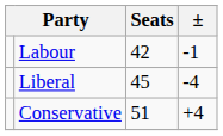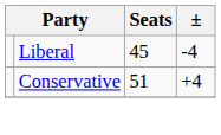 <table class="wikitable">
 <tr>
 <th colspan="2">Party</th>
 <th>Seats</th>
 <th>  ±  </th>
-</tr>
-<tr>
-<td style="background-color: "></td>
-<td><a href='#'>Labour</a></td>
-<td>42</td>
-<td>-1</td>
 </tr>
 <tr>
 <td style="background-color: "></td>
 <td><a href='#'>Liberal</a></td>
 <td>45</td>
 <td>-4</td>
 </tr>
 <tr>
 <td style="background-color: "></td>
 <td><a href='#'>Conservative</a></td>
 <td>51</td>
 <td>+4</td>
 </tr>
 <tr>
 </tr>
 </table>
